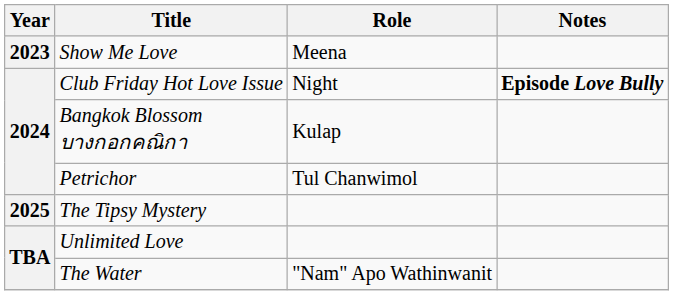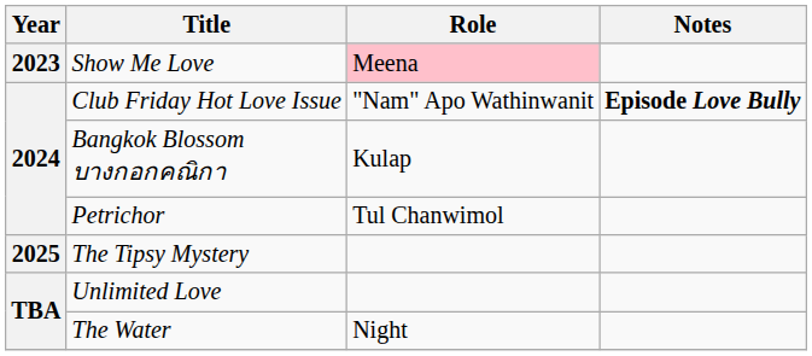 <table class="wikitable sortable plainrowheaders">
 <tr>
 <th scope="col">Year</th>
 <th scope="col">Title</th>
 <th scope="col">Role</th>
 <th scope="col">Notes</th>
 </tr>
 <tr>
 <th scope="row">2023</th>
 <td><em>Show Me Love</em></td>
-<td>Meena</td>
+<td style="background: pink;">Meena</td>
 <td></td>
 </tr>
 <tr>
 <th scope="row" rowspan=3>2024</th>
 <td><em>Club Friday Hot Love Issue</em></td>
-<td>Night</td>
+<td>"Nam" Apo Wathinwanit</td>
 <td><strong>Episode <em>Love Bully</em></strong></td>
 </tr>
 <tr>
 <td><em>Bangkok Blossom</em><br><em>บางกอกคณิกา</em></td>
 <td>Kulap</td>
 <td></td>
 </tr>
 <tr>
 <td><em>Petrichor</em></td>
 <td>Tul Chanwimol</td>
 <td></td>
 </tr>
 <tr>
 <th scope="row">2025</th>
 <td><em>The Tipsy Mystery</em></td>
 <td></td>
 </tr>
 <tr>
 <th rowspan="2">TBA</th>
 <td><em>Unlimited Love</em></td>
 <td></td>
 <td></td>
 </tr>
 <tr>
 <td><em>The Water</em></td>
-<td>"Nam" Apo Wathinwanit</td>
+<td>Night</td>
 <td></td>
 </tr>
 <tr>
 </tr>
 </table>
